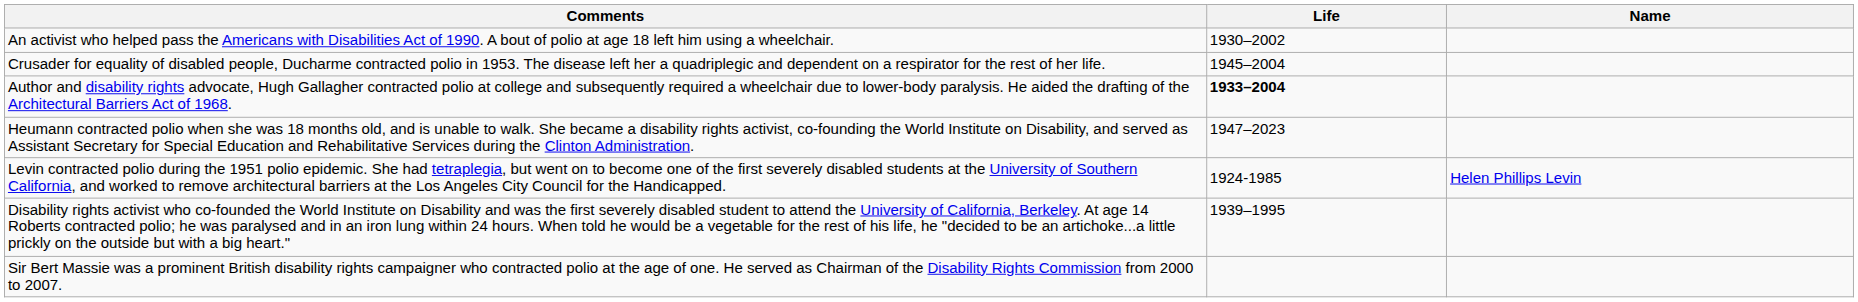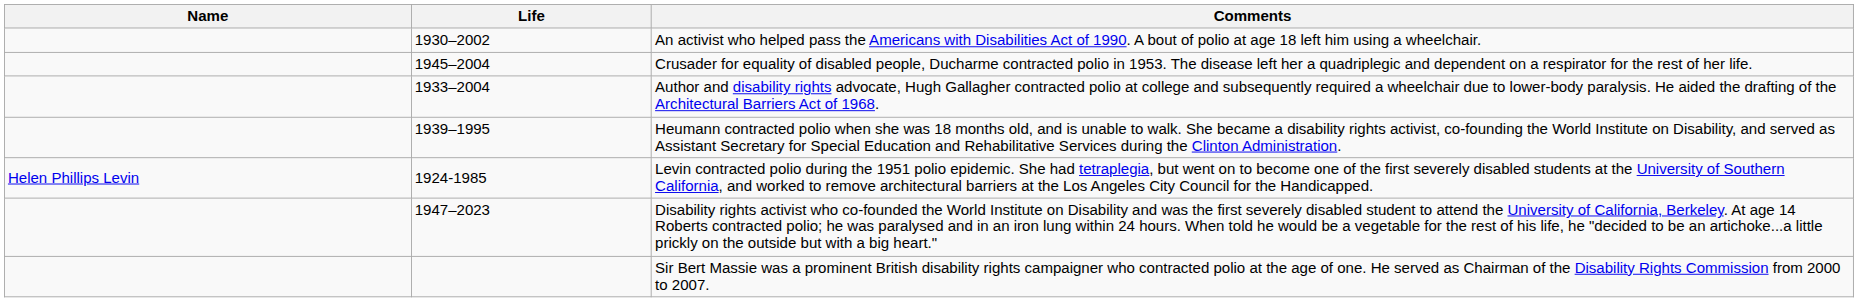 <table class="sortable wikitable">
 <tr>
+<th width="22%">Name</th>
+<th width="13%">Life</th>
 <th class="unsortable" width="65%">Comments</th>
-<th width="13%">Life</th>
-<th width="22%">Name</th>
 </tr>
 <tr valign="top">
+<td></td>
+<td>1930–2002</td>
 <td>An activist who helped pass the <a href='#'>Americans with Disabilities Act of 1990</a>. A bout of polio at age 18 left him using a wheelchair.</td>
-<td>1930–2002</td>
-<td></td>
 </tr>
 <tr valign="top">
+<td></td>
+<td>1945–2004</td>
 <td>Crusader for equality of disabled people, Ducharme contracted polio in 1953. The disease left her a quadriplegic and dependent on a respirator for the rest of her life.</td>
-<td>1945–2004</td>
-<td></td>
 </tr>
 <tr valign="top">
+<td></td>
+<td>1933–2004</td>
 <td>Author and <a href='#'>disability rights</a> advocate, Hugh Gallagher contracted polio at college and subsequently required a wheelchair due to lower-body paralysis. He aided the drafting of the <a href='#'>Architectural Barriers Act of 1968</a>.</td>
-<td><strong>1933–2004</strong></td>
-<td></td>
 </tr>
 <tr valign="top">
+<td></td>
+<td>1939–1995</td>
 <td>Heumann contracted polio when she was 18 months old, and is unable to walk. She became a disability rights activist, co-founding the World Institute on Disability, and served as Assistant Secretary for Special Education and Rehabilitative Services during the <a href='#'>Clinton Administration</a>.</td>
-<td>1947–2023</td>
-<td></td>
 </tr>
 <tr>
+<td><a href='#'>Helen Phillips Levin</a></td>
+<td>1924-1985</td>
 <td>Levin contracted polio during the 1951 polio epidemic. She had <a href='#'>tetraplegia</a>, but went on to become one of the first severely disabled students at the <a href='#'>University of Southern California</a>, and worked to remove architectural barriers at the Los Angeles City Council for the Handicapped.</td>
-<td>1924-1985</td>
-<td><a href='#'>Helen Phillips Levin</a></td>
 </tr>
 <tr valign="top">
+<td></td>
+<td>1947–2023</td>
 <td>Disability rights activist who co-founded the World Institute on Disability and was the first severely disabled student to attend the <a href='#'>University of California, Berkeley</a>. At age 14 Roberts contracted polio; he was paralysed and in an iron lung within 24 hours. When told he would be a vegetable for the rest of his life, he "decided to be an artichoke...a little prickly on the outside but with a big heart."</td>
-<td>1939–1995</td>
-<td></td>
 </tr>
 <tr valign="top">
-<td>Sir Bert Massie was a prominent British disability rights campaigner who contracted polio at the age of one. He served as Chairman of the <a href='#'>Disability Rights Commission</a> from 2000 to 2007.</td>
 <td></td>
 <td></td>
+<td>Sir Bert Massie was a prominent British disability rights campaigner who contracted polio at the age of one. He served as Chairman of the <a href='#'>Disability Rights Commission</a> from 2000 to 2007.</td>
 </tr>
 </table>
